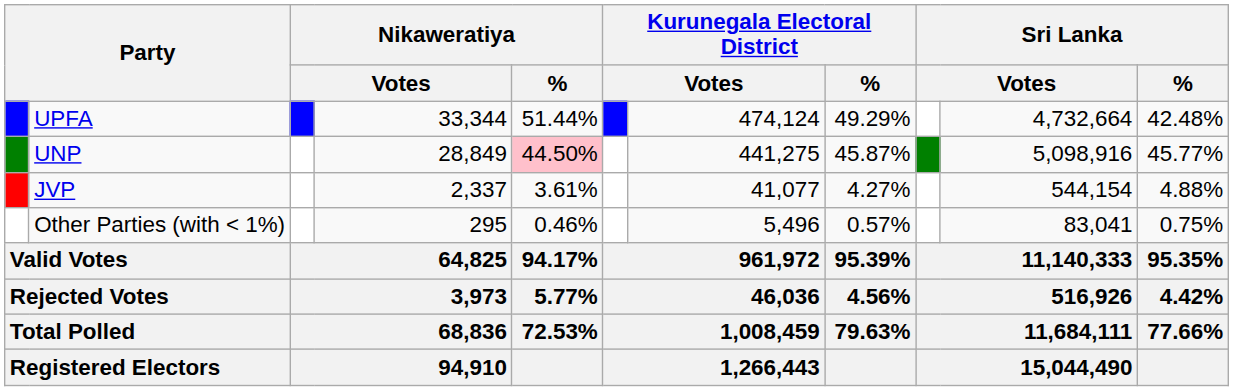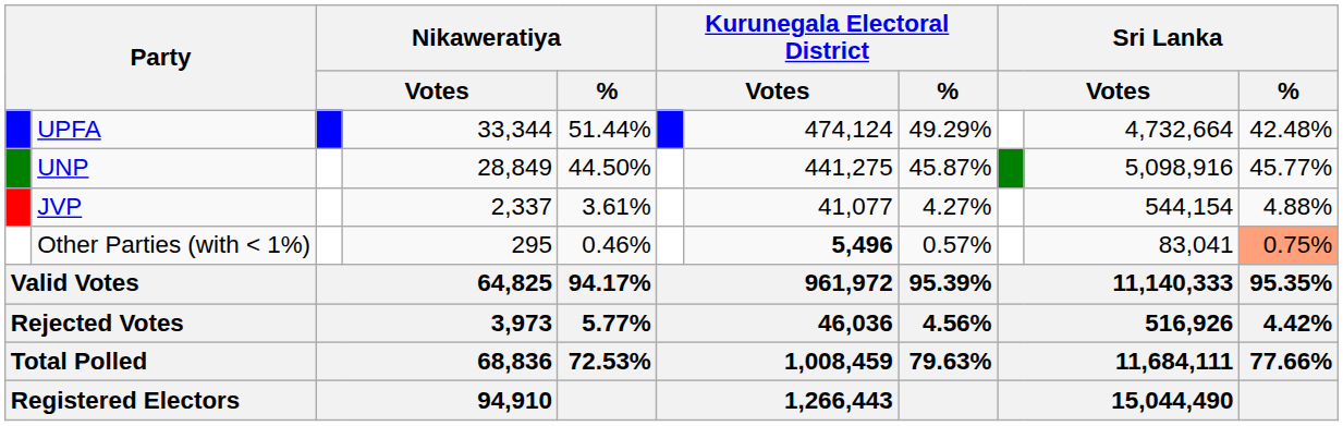 <table class="wikitable">
 <tr>
 <th colspan="2" width="144px"rowspan="2">Party</th>
 <th colspan="3" width="216px">Nikaweratiya</th>
 <th colspan="3" width="216px"><a href='#'>Kurunegala Electoral District</a></th>
 <th colspan="3" width="216px">Sri Lanka</th>
 </tr>
 <tr>
 <th colspan="2" width="144px">Votes</th>
 <th>%</th>
 <th colspan="2" width="144px">Votes</th>
 <th>%</th>
 <th colspan="2" width="144px">Votes</th>
 <th>%</th>
 </tr>
 <tr>
 <td style="background-color:blue;" width="10px"></td>
 <td style="text-align:left;"><a href='#'>UPFA</a></td>
 <td style="background-color:blue;" width="10px"></td>
 <td style="text-align:right;">33,344</td>
 <td style="text-align:right;">51.44%</td>
 <td style="background-color:blue;" width="10px"></td>
 <td style="text-align:right;">474,124</td>
 <td style="text-align:right;">49.29%</td>
 <td style="background-color:white;" width="10px"></td>
 <td style="text-align:right;">4,732,664</td>
 <td style="text-align:right;">42.48%</td>
 </tr>
 <tr>
 <td style="background-color:green;" width="10px"></td>
 <td style="text-align:left;"><a href='#'>UNP</a></td>
 <td style="background-color:white;" width="10px"></td>
 <td style="text-align:right;">28,849</td>
-<td style="background: pink; text-align:right;">44.50%</td>
+<td style="text-align:right;">44.50%</td>
 <td style="background-color:white;" width="10px"></td>
 <td style="text-align:right;">441,275</td>
 <td style="text-align:right;">45.87%</td>
 <td style="background-color:green;" width="10px"></td>
 <td style="text-align:right;">5,098,916</td>
 <td style="text-align:right;">45.77%</td>
 </tr>
 <tr>
 <td style="background-color:red;" width="10px"></td>
 <td style="text-align:left;"><a href='#'>JVP</a></td>
 <td style="background-color:white;" width="10px"></td>
 <td style="text-align:right;">2,337</td>
 <td style="text-align:right;">3.61%</td>
 <td style="background-color:white;" width="10px"></td>
 <td style="text-align:right;">41,077</td>
 <td style="text-align:right;">4.27%</td>
 <td style="background-color:white;" width="10px"></td>
 <td style="text-align:right;">544,154</td>
 <td style="text-align:right;">4.88%</td>
 </tr>
 <tr>
 <td style="background-color:white;" width="10px"></td>
 <td style="text-align:left;">Other Parties (with < 1%)</td>
 <td style="background-color:white;" width="10px"></td>
 <td style="text-align:right;">295</td>
 <td style="text-align:right;">0.46%</td>
 <td style="background-color:white;" width="10px"></td>
-<td style="text-align:right;">5,496</td>
+<td style="text-align:right;"><strong>5,496</strong></td>
 <td style="text-align:right;">0.57%</td>
 <td style="background-color:white;" width="10px"></td>
 <td style="text-align:right;">83,041</td>
-<td style="text-align:right;">0.75%</td>
+<td style="background: lightsalmon; text-align:right;">0.75%</td>
 </tr>
 <tr>
 <th colspan="2" width="144px"style="text-align:left;">Valid Votes</th>
 <th style="text-align:right;"colspan="2" width="144px">64,825</th>
 <th style="text-align:right;">94.17%</th>
 <th style="text-align:right;"colspan="2" width="144px">961,972</th>
 <th style="text-align:right;">95.39%</th>
 <th style="text-align:right;"colspan="2" width="144px">11,140,333</th>
 <th style="text-align:right;">95.35%</th>
 </tr>
 <tr>
 <th colspan="2" width="144px"style="text-align:left;">Rejected Votes</th>
 <th style="text-align:right;"colspan="2" width="144px">3,973</th>
 <th style="text-align:right;">5.77%</th>
 <th style="text-align:right;"colspan="2" width="144px">46,036</th>
 <th style="text-align:right;">4.56%</th>
 <th style="text-align:right;"colspan="2" width="144px">516,926</th>
 <th style="text-align:right;">4.42%</th>
 </tr>
 <tr>
 <th colspan="2" width="144px"style="text-align:left;">Total Polled</th>
 <th style="text-align:right;"colspan="2" width="144px">68,836</th>
 <th style="text-align:right;">72.53%</th>
 <th style="text-align:right;"colspan="2" width="144px">1,008,459</th>
 <th style="text-align:right;">79.63%</th>
 <th style="text-align:right;"colspan="2" width="144px">11,684,111</th>
 <th style="text-align:right;">77.66%</th>
 </tr>
 <tr>
 <th colspan="2" width="144px"style="text-align:left;">Registered Electors</th>
 <th style="text-align:right;"colspan="2" width="144px">94,910</th>
 <th></th>
 <th style="text-align:right;"colspan="2" width="144px">1,266,443</th>
 <th></th>
 <th style="text-align:right;"colspan="2" width="144px">15,044,490</th>
 <th></th>
 </tr>
 </table>
